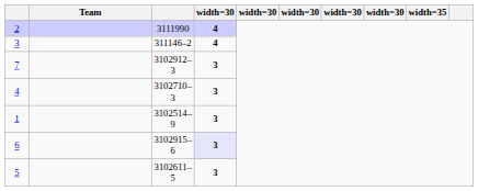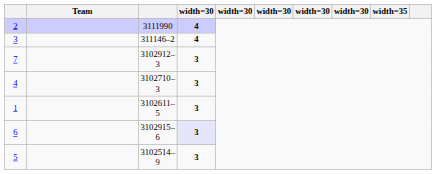 <table class="wikitable" style="text-align: center; font-size: 90%;">
 <tr>
 <th width=30></th>
 <th width=180>Team</th>
 <th width=30></th>
 <th>width=30</th>
 <th>width=30</th>
 <th>width=30</th>
 <th>width=30</th>
 <th>width=30</th>
 <th>width=35</th>
 <th width=30></th>
 </tr>
 <tr style="background:#ccf;">
 <td><a href='#'>2</a></td>
 <td align="left"><strong></strong></td>
 <td>3111990</td>
 <td><strong>4</strong></td>
 </tr>
 <tr>
 <td><a href='#'>3</a></td>
 <td align="left"></td>
 <td>311146–2</td>
 <td><strong>4</strong></td>
 </tr>
 <tr>
 <td><a href='#'>7</a></td>
 <td align="left"></td>
 <td>3102912–3</td>
 <td><strong>3</strong></td>
 </tr>
 <tr>
 <td><a href='#'>4</a></td>
 <td align="left"></td>
 <td>3102710–3</td>
 <td><strong>3</strong></td>
 </tr>
 <tr>
 <td><a href='#'>1</a></td>
 <td align="left"></td>
-<td>3102514–9</td>
+<td>3102611–5</td>
 <td><strong>3</strong></td>
 </tr>
 <tr>
 <td><a href='#'>6</a></td>
 <td align="left"></td>
 <td>3102915–6</td>
 <td style="background: lavender;"><strong>3</strong></td>
 </tr>
 <tr>
 <td><a href='#'>5</a></td>
 <td align="left"></td>
-<td>3102611–5</td>
+<td>3102514–9</td>
 <td><strong>3</strong></td>
 </tr>
 </table>
